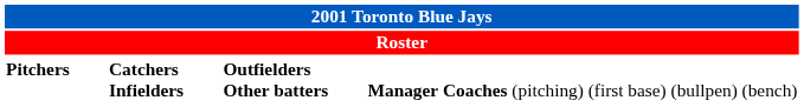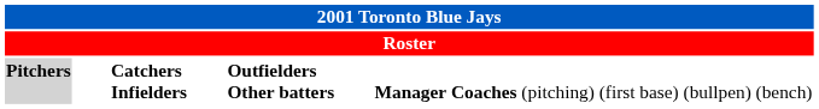 <table class="toccolours" style="font-size: 95%;">
 <tr>
 <th colspan="10" style="background-color: #005ac0; color: #FFFFFF; text-align: centre;">2001 Toronto Blue Jays</th>
 </tr>
 <tr>
 <th colspan="10" style="background-color: red; color: #FFFFFF; text-align: centre;">Roster</th>
 </tr>
 <tr>
-<td valign="top"><strong>Pitchers</strong><br>                   </td>
+<td valign="top" style="background: lightgrey;"><strong>Pitchers</strong><br>                   </td>
 <td width="25px"></td>
 <td valign="top"><strong>Catchers</strong><br>   <strong>Infielders</strong>           </td>
 <td width="25px"></td>
 <td valign="top"><strong>Outfielders</strong><br>      <strong>Other batters</strong> </td>
 <td width="25px"></td>
 <td valign="top"><br><strong>Manager</strong>  <strong>Coaches</strong>   (pitching)   (first base)  (bullpen)  (bench)</td>
 </tr>
 </table>
